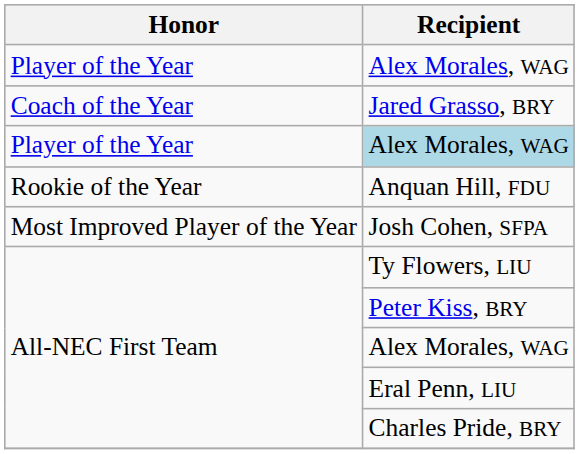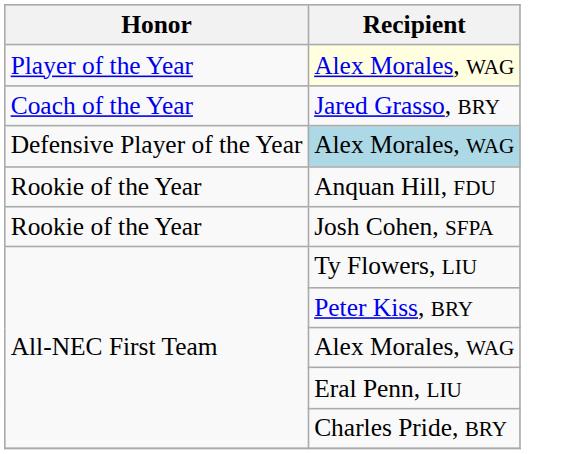 <table class="wikitable" border="1">
 <tr>
 <th>Honor</th>
 <th>Recipient</th>
 </tr>
 <tr>
 <td><a href='#'>Player of the Year</a></td>
-<td><a href='#'>Alex Morales</a>, <small>WAG</small></td>
+<td style="background: lightyellow;"><a href='#'>Alex Morales</a>, <small>WAG</small></td>
 </tr>
 <tr>
 <td><a href='#'>Coach of the Year</a></td>
 <td><a href='#'>Jared Grasso</a>, <small>BRY</small></td>
 </tr>
 <tr>
-<td><a href='#'>Player of the Year</a></td>
+<td>Defensive Player of the Year</td>
 <td style="background: lightblue;">Alex Morales, <small>WAG</small></td>
 </tr>
 <tr>
 <td>Rookie of the Year</td>
 <td>Anquan Hill, <small>FDU</small></td>
 </tr>
 <tr>
-<td>Most Improved Player of the Year</td>
+<td>Rookie of the Year</td>
 <td>Josh Cohen, <small>SFPA</small></td>
 </tr>
 <tr>
 <td rowspan="5" valign="middle">All-NEC First Team</td>
 <td>Ty Flowers, <small>LIU</small></td>
 </tr>
 <tr>
 <td><a href='#'>Peter Kiss</a>, <small>BRY</small></td>
 </tr>
 <tr>
 <td>Alex Morales, <small>WAG</small></td>
 </tr>
 <tr>
 <td>Eral Penn, <small>LIU</small></td>
 </tr>
 <tr>
 <td>Charles Pride, <small>BRY</small></td>
 </tr>
 <tr>
 </tr>
 </table>
